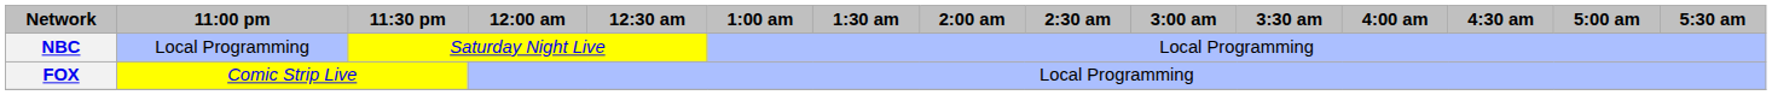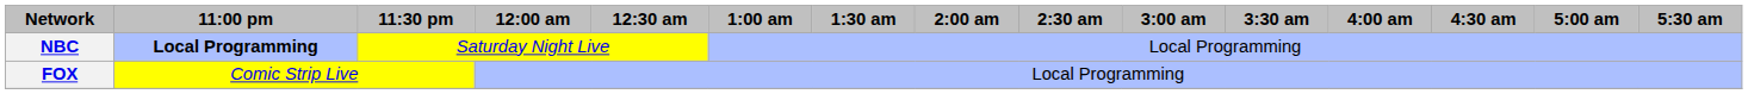 <table class="wikitable" style="width:100%;margin-right:0;text-align:center">
 <tr>
 <th style="background-color:#C0C0C0;text-align:center" colspan="2">Network</th>
 <th style="background-color:#C0C0C0;text-align:center">11:00 pm</th>
 <th style="background-color:#C0C0C0;text-align:center">11:30 pm</th>
 <th style="background-color:#C0C0C0;text-align:center">12:00 am</th>
 <th style="background-color:#C0C0C0;text-align:center">12:30 am</th>
 <th style="background-color:#C0C0C0;text-align:center">1:00 am</th>
 <th style="background-color:#C0C0C0;text-align:center">1:30 am</th>
 <th style="background-color:#C0C0C0;text-align:center">2:00 am</th>
 <th style="background-color:#C0C0C0;text-align:center">2:30 am</th>
 <th style="background-color:#C0C0C0;text-align:center">3:00 am</th>
 <th style="background-color:#C0C0C0;text-align:center">3:30 am</th>
 <th style="background-color:#C0C0C0;text-align:center">4:00 am</th>
 <th style="background-color:#C0C0C0;text-align:center">4:30 am</th>
 <th style="background-color:#C0C0C0;text-align:center">5:00 am</th>
 <th style="background-color:#C0C0C0;text-align:center">5:30 am</th>
 </tr>
 <tr>
 <th colspan="2"><a href='#'>NBC</a></th>
-<td style="background:#abbfff">Local Programming</td>
+<td style="background:#abbfff"><strong>Local Programming</strong></td>
 <td colspan="3" style="background:yellow"><em><a href='#'>Saturday Night Live</a></em></td>
 <td colspan="10" style="background:#abbfff">Local Programming</td>
 </tr>
 <tr>
 <th colspan="2"><a href='#'>FOX</a></th>
 <td colspan="2" style="background:yellow"><em><a href='#'>Comic Strip Live</a></em></td>
 <td colspan="12" style="background:#abbfff">Local Programming</td>
 </tr>
 <tr>
 </tr>
 </table>
